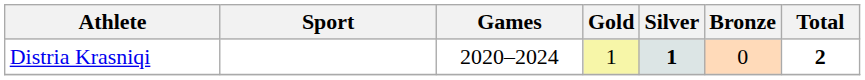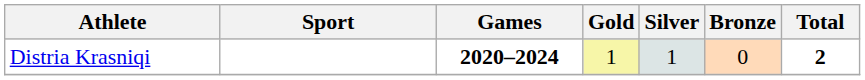 <table class="wikitable">
 <tr>
 <th width=150>Athlete</th>
 <th width=150>Sport</th>
 <th width=100>Games</th>
 <th> Gold</th>
 <th> Silver</th>
 <th> Bronze</th>
 <th width=50>Total</th>
 </tr>
 <tr align="center" valign="middle" bgcolor="#FFFFFF">
 <td align=left><a href='#'>Distria Krasniqi</a></td>
 <td align=left></td>
-<td>2020–2024</td>
+<td><strong>2020–2024</strong></td>
 <td style="background:#F7F6A8;">1</td>
-<td style="background:#DCE5E5;"><strong>1</strong></td>
+<td style="background:#DCE5E5;">1</td>
 <td style="background:#FFDAB9;">0</td>
 <td><strong>2</strong></td>
 </tr>
 <tr>
 </tr>
 </table>
